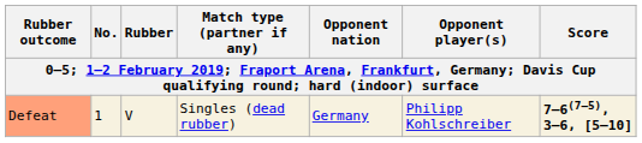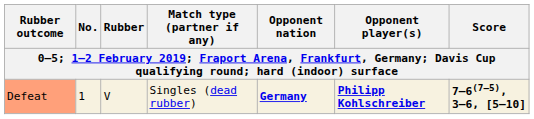 <table class=wikitable>
 <tr>
 <th>Rubber outcome</th>
 <th>No.</th>
 <th>Rubber</th>
 <th>Match type (partner if any)</th>
 <th>Opponent nation</th>
 <th>Opponent player(s)</th>
 <th>Score</th>
 </tr>
 <tr>
 <th colspan=7>0–5; <a href='#'>1–2 February 2019</a>; <a href='#'>Fraport Arena</a>, <a href='#'>Frankfurt</a>, Germany; Davis Cup qualifying round; hard (indoor) surface</th>
 </tr>
 <tr bgcolor="#F7F2E0">
 <td bgcolor=FFA07A>Defeat</td>
 <td>1</td>
 <td>V</td>
 <td>Singles (<a href='#'>dead rubber</a>)</td>
-<td> <a href='#'>Germany</a></td>
-<td><a href='#'>Philipp Kohlschreiber</a></td>
+<td><strong> <a href='#'>Germany</a></strong></td>
+<td><strong><a href='#'>Philipp Kohlschreiber</a></strong></td>
 <td><strong>7–6<sup>(7–5)</sup>, 3–6, [5–10]</strong></td>
 </tr>
 </table>
